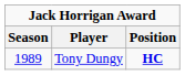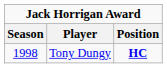 <table class="wikitable" style="text-align:center">
 <tr>
 <td colspan="3"><strong>Jack Horrigan Award</strong></td>
 </tr>
 <tr>
 <th>Season</th>
 <th>Player</th>
 <th>Position</th>
 </tr>
 <tr>
-<td><a href='#'>1989</a></td>
+<td><a href='#'>1998</a></td>
 <td><a href='#'>Tony Dungy</a></td>
 <td><strong><a href='#'>HC</a></strong></td>
 </tr>
 </table>
